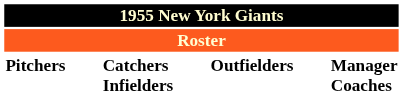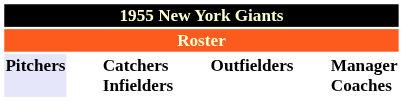 <table class="toccolours" style="font-size: 95%;">
 <tr>
 <th colspan="10" style="background-color: black; color: #FFFDD0; text-align: center;">1955 New York Giants</th>
 </tr>
 <tr>
 <td colspan="10" style="background-color: #fd5a1e; color: #FFFDD0; text-align: center;"><strong>Roster</strong></td>
 </tr>
 <tr>
-<td valign="top"><strong>Pitchers</strong><br>            </td>
+<td valign="top" style="background: lavender;"><strong>Pitchers</strong><br>            </td>
 <td width="25px"></td>
 <td valign="top"><strong>Catchers</strong><br>   <strong>Infielders</strong>          </td>
 <td width="25px"></td>
 <td valign="top"><strong>Outfielders</strong><br>      </td>
 <td width="25px"></td>
 <td valign="top"><strong>Manager</strong><br> <strong>Coaches</strong>   </td>
 </tr>
 <tr>
 </tr>
 </table>
